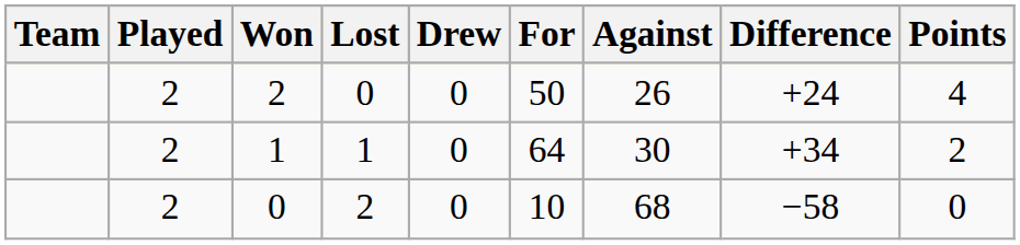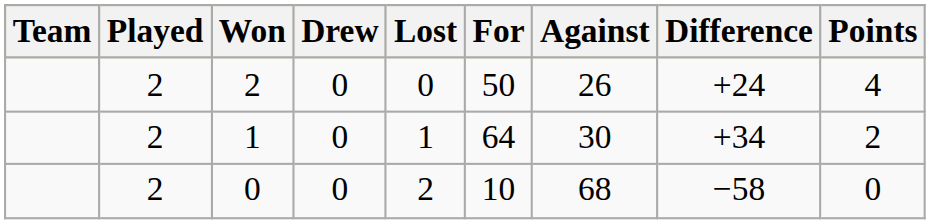 <table class="wikitable" style="text-align:center">
 <tr style="background:#bdb76b;">
 <th>Team</th>
 <th>Played</th>
 <th>Won</th>
+<th>Drew</th>
 <th>Lost</th>
-<th>Drew</th>
 <th>For</th>
 <th>Against</th>
 <th>Difference</th>
 <th>Points</th>
 </tr>
 <tr>
 <td align=left></td>
 <td>2</td>
 <td>2</td>
 <td>0</td>
 <td>0</td>
 <td>50</td>
 <td>26</td>
 <td>+24</td>
 <td>4</td>
 </tr>
 <tr>
 <td align=left></td>
 <td>2</td>
 <td>1</td>
+<td>0</td>
 <td>1</td>
-<td>0</td>
 <td>64</td>
 <td>30</td>
 <td>+34</td>
 <td>2</td>
 </tr>
 <tr>
 <td align=left></td>
 <td>2</td>
 <td>0</td>
+<td>0</td>
 <td>2</td>
-<td>0</td>
 <td>10</td>
 <td>68</td>
 <td>−58</td>
 <td>0</td>
 </tr>
 </table>
